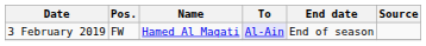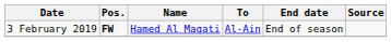 <table class="wikitable" style="text-align:left">
 <tr>
 <th>Date</th>
 <th>Pos.</th>
 <th>Name</th>
 <th>To</th>
 <th>End date</th>
 <th>Source</th>
 </tr>
 <tr>
 <td>3 February 2019</td>
-<td>FW</td>
+<td><strong>FW</strong></td>
 <td> <a href='#'>Hamed Al Maqati</a></td>
-<td style="background: lavender;"> <a href='#'>Al-Ain</a></td>
+<td> <a href='#'>Al-Ain</a></td>
 <td>End of season</td>
 <td></td>
 </tr>
 <tr>
 </tr>
 </table>
